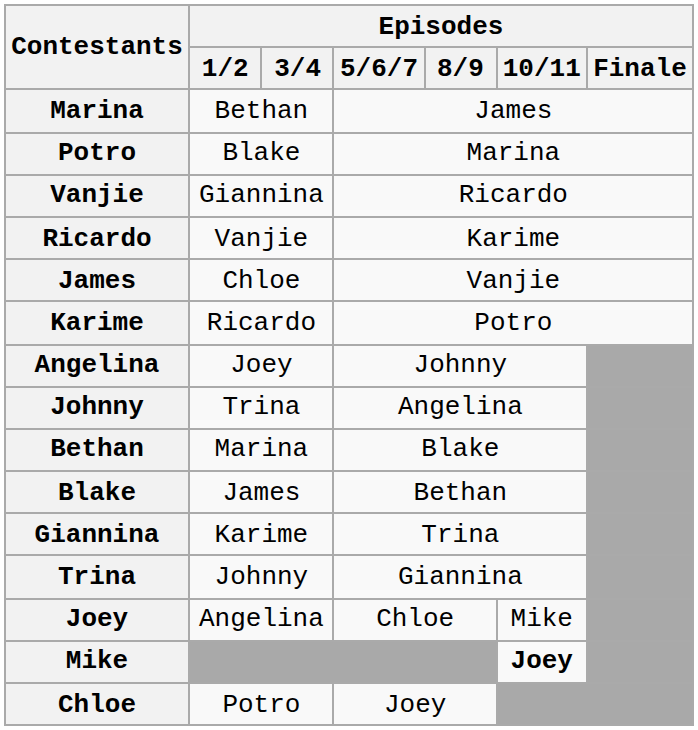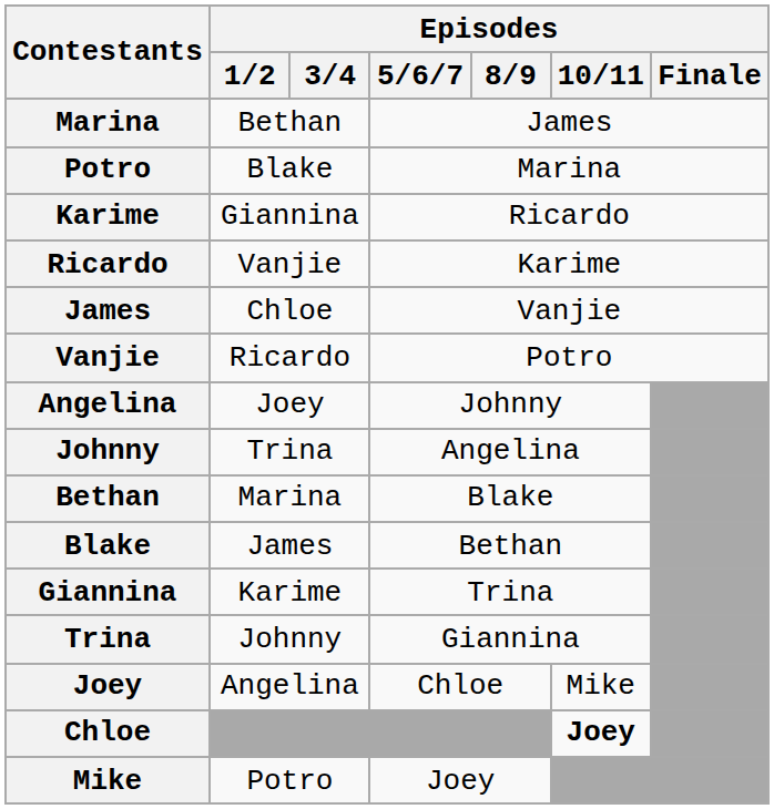 <table class="wikitable" style="text-align:center; white-space:nowrap">
 <tr>
 <th rowspan=2>Contestants</th>
 <th colspan="6">Episodes</th>
 </tr>
 <tr>
 <th width=30px>1/2</th>
 <th width=30px>3/4</th>
 <th width=30px>5/6/7</th>
 <th width=30px>8/9</th>
 <th width=30px>10/11</th>
 <th>Finale</th>
 </tr>
 <tr>
 <th>Marina</th>
 <td colspan="2">Bethan</td>
 <td colspan="4">James</td>
 </tr>
 <tr>
 <th>Potro</th>
 <td colspan="2">Blake</td>
 <td colspan="4">Marina</td>
 </tr>
 <tr>
-<th>Vanjie</th>
+<th>Karime</th>
 <td colspan="2">Giannina</td>
 <td colspan="4">Ricardo</td>
 </tr>
 <tr>
 <th>Ricardo</th>
 <td colspan="2">Vanjie</td>
 <td colspan="4">Karime</td>
 </tr>
 <tr>
 <th>James</th>
 <td colspan="2">Chloe</td>
 <td colspan="4">Vanjie</td>
 </tr>
 <tr>
-<th>Karime</th>
+<th>Vanjie</th>
 <td colspan="2">Ricardo</td>
 <td colspan="4">Potro</td>
 </tr>
 <tr>
 <th>Angelina</th>
 <td colspan="2">Joey</td>
 <td colspan="3">Johnny</td>
 <td style="background:darkgray"></td>
 </tr>
 <tr>
 <th>Johnny</th>
 <td colspan="2">Trina</td>
 <td colspan="3">Angelina</td>
 <td style="background:darkgray"></td>
 </tr>
 <tr>
 <th>Bethan</th>
 <td colspan="2">Marina</td>
 <td colspan="3">Blake</td>
 <td style="background:darkgray"></td>
 </tr>
 <tr>
 <th>Blake</th>
 <td colspan="2">James</td>
 <td colspan="3">Bethan</td>
 <td style="background:darkgray"></td>
 </tr>
 <tr>
 <th>Giannina</th>
 <td colspan="2">Karime</td>
 <td colspan="3">Trina</td>
 <td style="background:darkgray"></td>
 </tr>
 <tr>
 <th>Trina</th>
 <td colspan="2">Johnny</td>
 <td colspan="3">Giannina</td>
 <td style="background:darkgray"></td>
 </tr>
 <tr>
 <th>Joey</th>
 <td colspan="2">Angelina</td>
 <td colspan="2">Chloe</td>
 <td>Mike</td>
 <td style="background:darkgray"></td>
 </tr>
 <tr>
-<th>Mike</th>
+<th>Chloe</th>
 <td style="background:darkgray" colspan="4"></td>
 <td><strong>Joey</strong></td>
 <td style="background:darkgray"></td>
 </tr>
 <tr>
-<th>Chloe</th>
+<th>Mike</th>
 <td colspan="2">Potro</td>
 <td colspan="2">Joey</td>
 <td style="background:darkgray" colspan="2"></td>
 </tr>
 </table>
